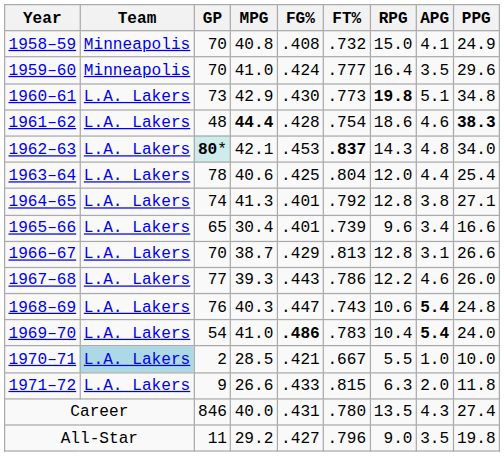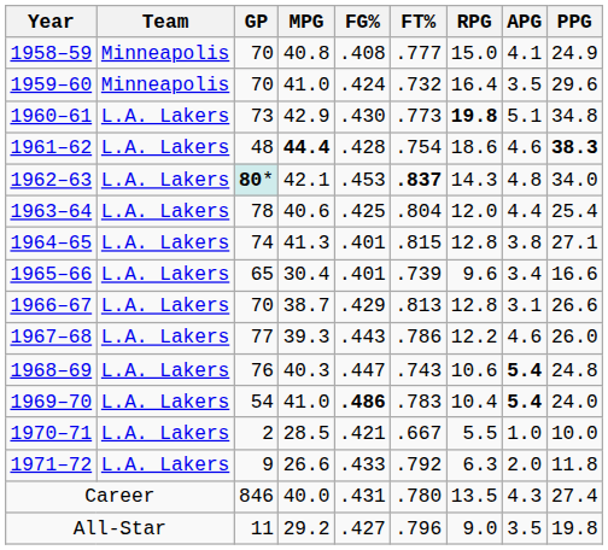 <table class="wikitable sortable" style="text-align:right;">
 <tr>
 <th>Year</th>
 <th>Team</th>
 <th>GP</th>
 <th>MPG</th>
 <th>FG%</th>
 <th>FT%</th>
 <th>RPG</th>
 <th>APG</th>
 <th>PPG</th>
 </tr>
 <tr>
 <td style="text-align:left;"><a href='#'>1958–59</a></td>
 <td style="text-align:left;"><a href='#'>Minneapolis</a></td>
 <td>70</td>
 <td>40.8</td>
 <td>.408</td>
-<td>.732</td>
+<td>.777</td>
 <td>15.0</td>
 <td>4.1</td>
 <td>24.9</td>
 </tr>
 <tr>
 <td style="text-align:left;"><a href='#'>1959–60</a></td>
 <td style="text-align:left;"><a href='#'>Minneapolis</a></td>
 <td>70</td>
 <td>41.0</td>
 <td>.424</td>
-<td>.777</td>
+<td>.732</td>
 <td>16.4</td>
 <td>3.5</td>
 <td>29.6</td>
 </tr>
 <tr>
 <td style="text-align:left;"><a href='#'>1960–61</a></td>
 <td style="text-align:left;"><a href='#'>L.A. Lakers</a></td>
 <td>73</td>
 <td>42.9</td>
 <td>.430</td>
 <td>.773</td>
 <td><strong>19.8</strong></td>
 <td>5.1</td>
 <td>34.8</td>
 </tr>
 <tr>
 <td style="text-align:left;"><a href='#'>1961–62</a></td>
 <td style="text-align:left;"><a href='#'>L.A. Lakers</a></td>
 <td>48</td>
 <td><strong>44.4</strong></td>
 <td>.428</td>
 <td>.754</td>
 <td>18.6</td>
 <td>4.6</td>
 <td><strong>38.3</strong></td>
 </tr>
 <tr>
 <td style="text-align:left;"><a href='#'>1962–63</a></td>
 <td style="text-align:left;"><a href='#'>L.A. Lakers</a></td>
 <td style="background:#cfecec;"><strong>80</strong>*</td>
 <td>42.1</td>
 <td>.453</td>
 <td><strong>.837</strong></td>
 <td>14.3</td>
 <td>4.8</td>
 <td>34.0</td>
 </tr>
 <tr>
 <td style="text-align:left;"><a href='#'>1963–64</a></td>
 <td style="text-align:left;"><a href='#'>L.A. Lakers</a></td>
 <td>78</td>
 <td>40.6</td>
 <td>.425</td>
 <td>.804</td>
 <td>12.0</td>
 <td>4.4</td>
 <td>25.4</td>
 </tr>
 <tr>
 <td style="text-align:left;"><a href='#'>1964–65</a></td>
 <td style="text-align:left;"><a href='#'>L.A. Lakers</a></td>
 <td>74</td>
 <td>41.3</td>
 <td>.401</td>
-<td>.792</td>
+<td>.815</td>
 <td>12.8</td>
 <td>3.8</td>
 <td>27.1</td>
 </tr>
 <tr>
 <td style="text-align:left;"><a href='#'>1965–66</a></td>
 <td style="text-align:left;"><a href='#'>L.A. Lakers</a></td>
 <td>65</td>
 <td>30.4</td>
 <td>.401</td>
 <td>.739</td>
 <td>9.6</td>
 <td>3.4</td>
 <td>16.6</td>
 </tr>
 <tr>
 <td style="text-align:left;"><a href='#'>1966–67</a></td>
 <td style="text-align:left;"><a href='#'>L.A. Lakers</a></td>
 <td>70</td>
 <td>38.7</td>
 <td>.429</td>
 <td>.813</td>
 <td>12.8</td>
 <td>3.1</td>
 <td>26.6</td>
 </tr>
 <tr>
 <td style="text-align:left;"><a href='#'>1967–68</a></td>
 <td style="text-align:left;"><a href='#'>L.A. Lakers</a></td>
 <td>77</td>
 <td>39.3</td>
 <td>.443</td>
 <td>.786</td>
 <td>12.2</td>
 <td>4.6</td>
 <td>26.0</td>
 </tr>
 <tr>
 <td style="text-align:left;"><a href='#'>1968–69</a></td>
 <td style="text-align:left;"><a href='#'>L.A. Lakers</a></td>
 <td>76</td>
 <td>40.3</td>
 <td>.447</td>
 <td>.743</td>
 <td>10.6</td>
 <td><strong>5.4</strong></td>
 <td>24.8</td>
 </tr>
 <tr>
 <td style="text-align:left;"><a href='#'>1969–70</a></td>
 <td style="text-align:left;"><a href='#'>L.A. Lakers</a></td>
 <td>54</td>
 <td>41.0</td>
 <td><strong>.486</strong></td>
 <td>.783</td>
 <td>10.4</td>
 <td><strong>5.4</strong></td>
 <td>24.0</td>
 </tr>
 <tr>
 <td style="text-align:left;"><a href='#'>1970–71</a></td>
-<td style="background: lightblue; text-align:left;"><a href='#'>L.A. Lakers</a></td>
+<td style="text-align:left;"><a href='#'>L.A. Lakers</a></td>
 <td>2</td>
 <td>28.5</td>
 <td>.421</td>
 <td>.667</td>
 <td>5.5</td>
 <td>1.0</td>
 <td>10.0</td>
 </tr>
 <tr>
 <td style="text-align:left;"><a href='#'>1971–72</a></td>
 <td style="text-align:left;"><a href='#'>L.A. Lakers</a></td>
 <td>9</td>
 <td>26.6</td>
 <td>.433</td>
-<td>.815</td>
+<td>.792</td>
 <td>6.3</td>
 <td>2.0</td>
 <td>11.8</td>
 </tr>
 <tr class="sortbottom">
 <td colspan="2" style="text-align:center;">Career</td>
 <td>846</td>
 <td>40.0</td>
 <td>.431</td>
 <td>.780</td>
 <td>13.5</td>
 <td>4.3</td>
 <td>27.4</td>
 </tr>
 <tr class="sortbottom">
 <td colspan="2" style="text-align:center;">All-Star</td>
 <td>11</td>
 <td>29.2</td>
 <td>.427</td>
 <td>.796</td>
 <td>9.0</td>
 <td>3.5</td>
 <td>19.8</td>
 </tr>
 </table>
